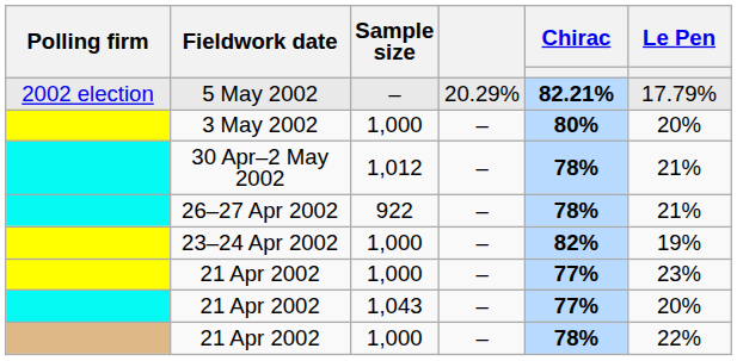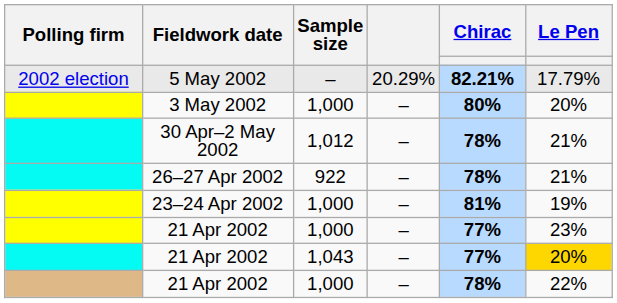 <table class="wikitable sortable" style="text-align:center;font-size:90%;line-height:14px;">
 <tr style="height:40px;">
 <th style="width:100px;" rowspan="2">Polling firm</th>
 <th style="width:110px;" rowspan="2">Fieldwork date</th>
 <th style="width:35px;" rowspan="2">Sample<br>size</th>
 <th style="width:30px;" rowspan="2"></th>
 <th class="unsortable" style="width:60px;"><a href='#'>Chirac</a><br></th>
 <th class="unsortable" style="width:60px;"><a href='#'>Le Pen</a><br></th>
 </tr>
 <tr>
 <th style="background:"></th>
 <th style="background:"></th>
 </tr>
 <tr style="background:#E9E9E9;">
 <td><a href='#'>2002 election</a></td>
 <td data-sort-value="2002-05-05">5 May 2002</td>
 <td>–</td>
 <td>20.29%</td>
 <td style="background:#B9DAFF;"><strong>82.21%</strong></td>
 <td>17.79%</td>
 </tr>
 <tr>
 <td style="background:yellow;"></td>
 <td data-sort-value="2002-05-03">3 May 2002</td>
 <td>1,000</td>
 <td>–</td>
 <td style="background:#B9DAFF;"><strong>80%</strong></td>
 <td>20%</td>
 </tr>
 <tr>
 <td style="background:#04FBF4;"></td>
 <td data-sort-value="2002-05-02">30 Apr–2 May 2002</td>
 <td>1,012</td>
 <td>–</td>
 <td style="background:#B9DAFF;"><strong>78%</strong></td>
 <td>21%</td>
 </tr>
 <tr>
 <td style="background:#04FBF4;"></td>
 <td data-sort-value="2002-04-27">26–27 Apr 2002</td>
 <td>922</td>
 <td>–</td>
 <td style="background:#B9DAFF;"><strong>78%</strong></td>
 <td>21%</td>
 </tr>
 <tr>
 <td style="background:yellow;"></td>
 <td data-sort-value="2002-04-24">23–24 Apr 2002</td>
 <td>1,000</td>
 <td>–</td>
-<td style="background:#B9DAFF;"><strong>82%</strong></td>
+<td style="background:#B9DAFF;"><strong>81%</strong></td>
 <td>19%</td>
 </tr>
 <tr>
 <td style="background:yellow;"></td>
 <td data-sort-value="2002-04-21">21 Apr 2002</td>
 <td>1,000</td>
 <td>–</td>
 <td style="background:#B9DAFF;"><strong>77%</strong></td>
 <td>23%</td>
 </tr>
 <tr>
 <td style="background:#04FBF4;"></td>
 <td data-sort-value="2002-04-21">21 Apr 2002</td>
 <td>1,043</td>
 <td>–</td>
 <td style="background:#B9DAFF;"><strong>77%</strong></td>
-<td>20%</td>
+<td style="background: gold;">20%</td>
 </tr>
 <tr>
 <td style="background:burlywood;"></td>
 <td data-sort-value="2002-04-21">21 Apr 2002</td>
 <td>1,000</td>
 <td>–</td>
 <td style="background:#B9DAFF;"><strong>78%</strong></td>
 <td>22%</td>
 </tr>
 </table>
